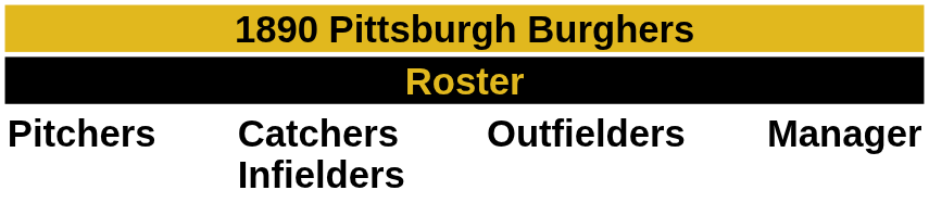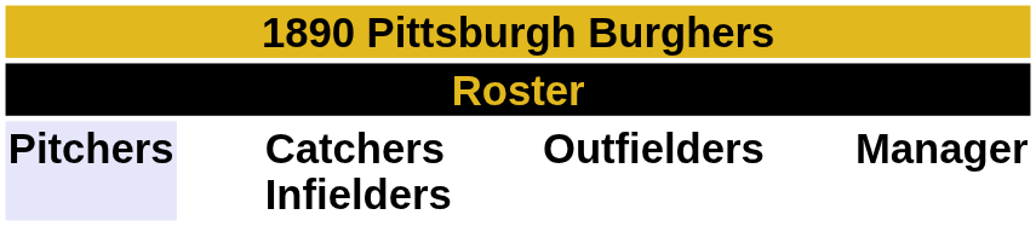 <table class="toccolours" style="font-size: 95%;">
 <tr>
 <th colspan="10" style="background-color: #e1b81e; color: black; text-align: center;">1890 Pittsburgh Burghers</th>
 </tr>
 <tr>
 <td colspan="10" style="background-color: black; color: #e1b81e; text-align: center;"><strong>Roster</strong></td>
 </tr>
 <tr>
-<td valign="top"><strong>Pitchers</strong><br>     </td>
+<td valign="top" style="background: lavender;"><strong>Pitchers</strong><br>     </td>
 <td width="25px"></td>
 <td valign="top"><strong>Catchers</strong><br>   <strong>Infielders</strong>     </td>
 <td width="25px"></td>
 <td valign="top"><strong>Outfielders</strong><br>  </td>
 <td width="25px"></td>
 <td valign="top"><strong>Manager</strong><br></td>
 </tr>
 </table>
